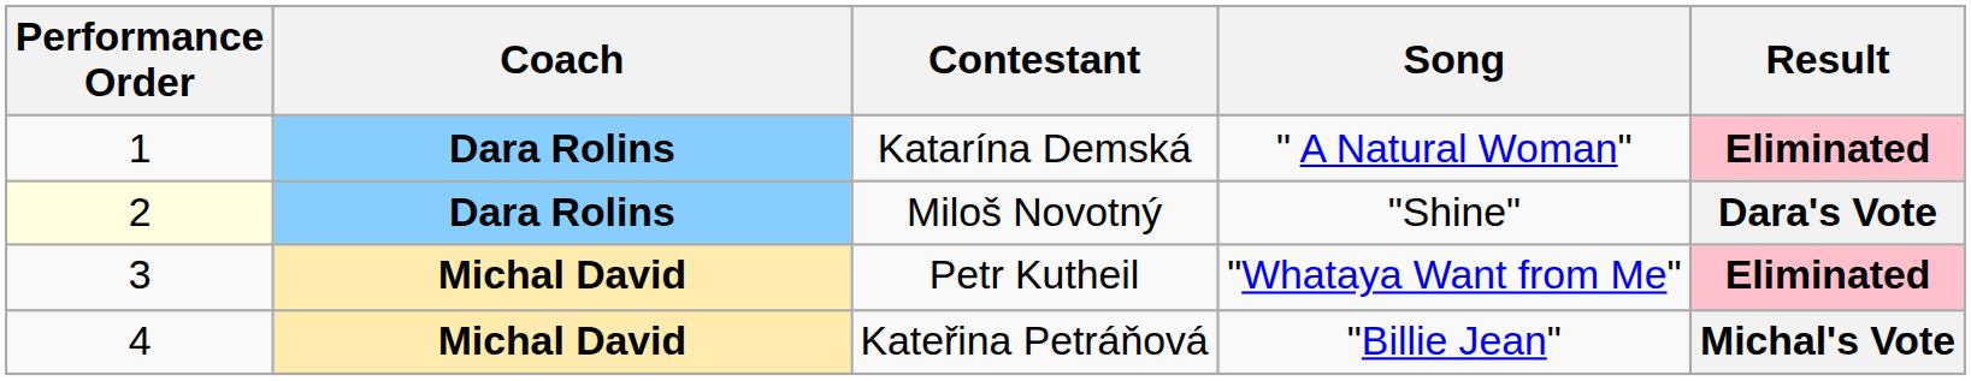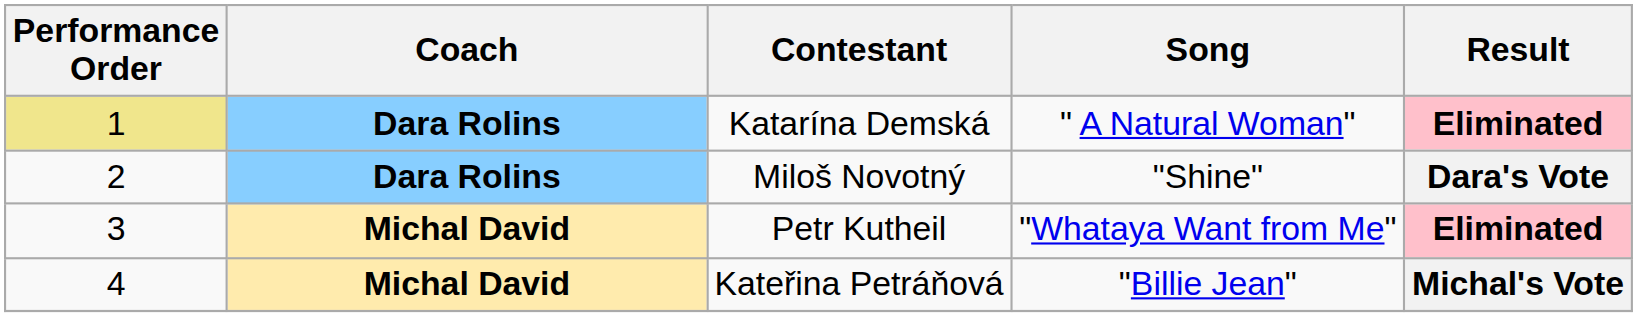 <table class="wikitable sortable" style="text-align: center; width: auto;">
 <tr>
 <th>Performance <br>Order</th>
 <th>Coach</th>
 <th>Contestant</th>
 <th>Song</th>
 <th>Result</th>
 </tr>
 <tr>
-<td>1</td>
+<td style="background: khaki;">1</td>
 <th style="background-color:#87CEFF" width="220px">Dara Rolins</th>
 <td>Katarína Demská</td>
 <td>" <a href='#'>A Natural Woman</a>"</td>
 <td style="background:pink;"><strong>Eliminated</strong></td>
 </tr>
 <tr>
-<td style="background: lightyellow;">2</td>
+<td>2</td>
 <th style="background-color:#87CEFF" width="220px">Dara Rolins</th>
 <td>Miloš Novotný</td>
 <td>"Shine"</td>
 <th>Dara's Vote</th>
 </tr>
 <tr>
 <td>3</td>
 <th style="background-color:#FFEBAD" width="220px">Michal David</th>
 <td>Petr Kutheil</td>
 <td>"<a href='#'>Whataya Want from Me</a>"</td>
 <th style="background:pink;">Eliminated</th>
 </tr>
 <tr>
 <td>4</td>
 <th style="background-color:#FFEBAD" width="220px">Michal David</th>
 <td>Kateřina Petráňová</td>
 <td>"<a href='#'>Billie Jean</a>"</td>
 <th>Michal's Vote</th>
 </tr>
 <tr>
 </tr>
 </table>
